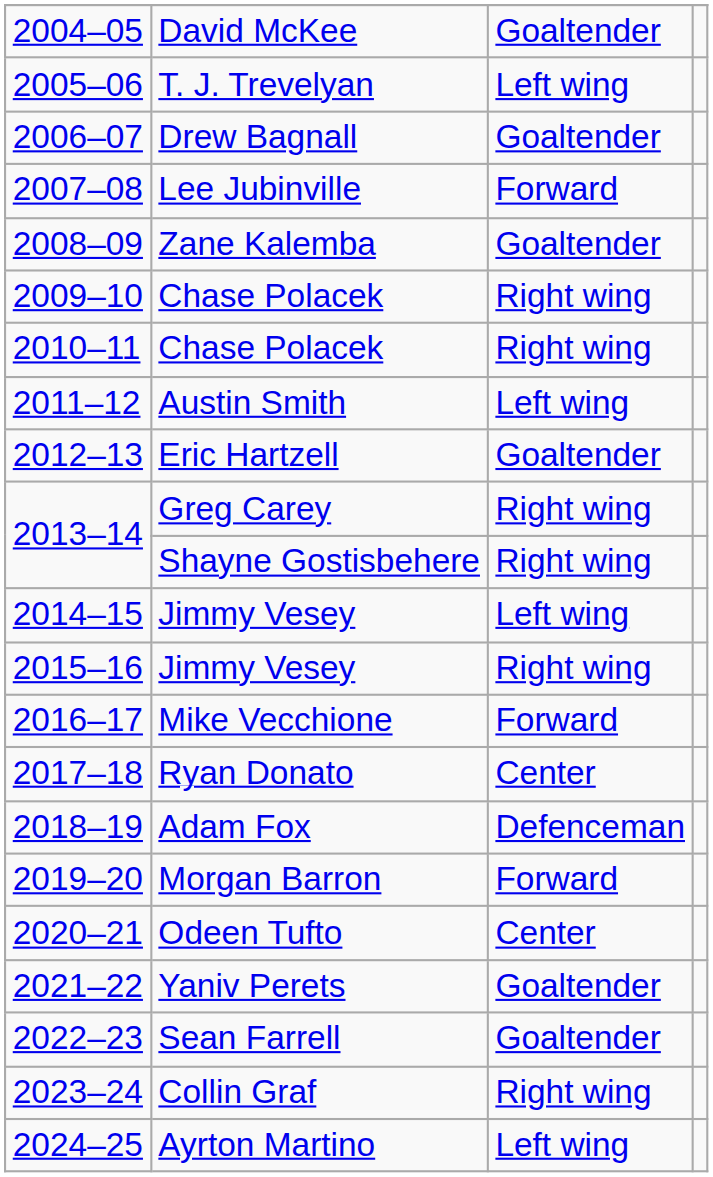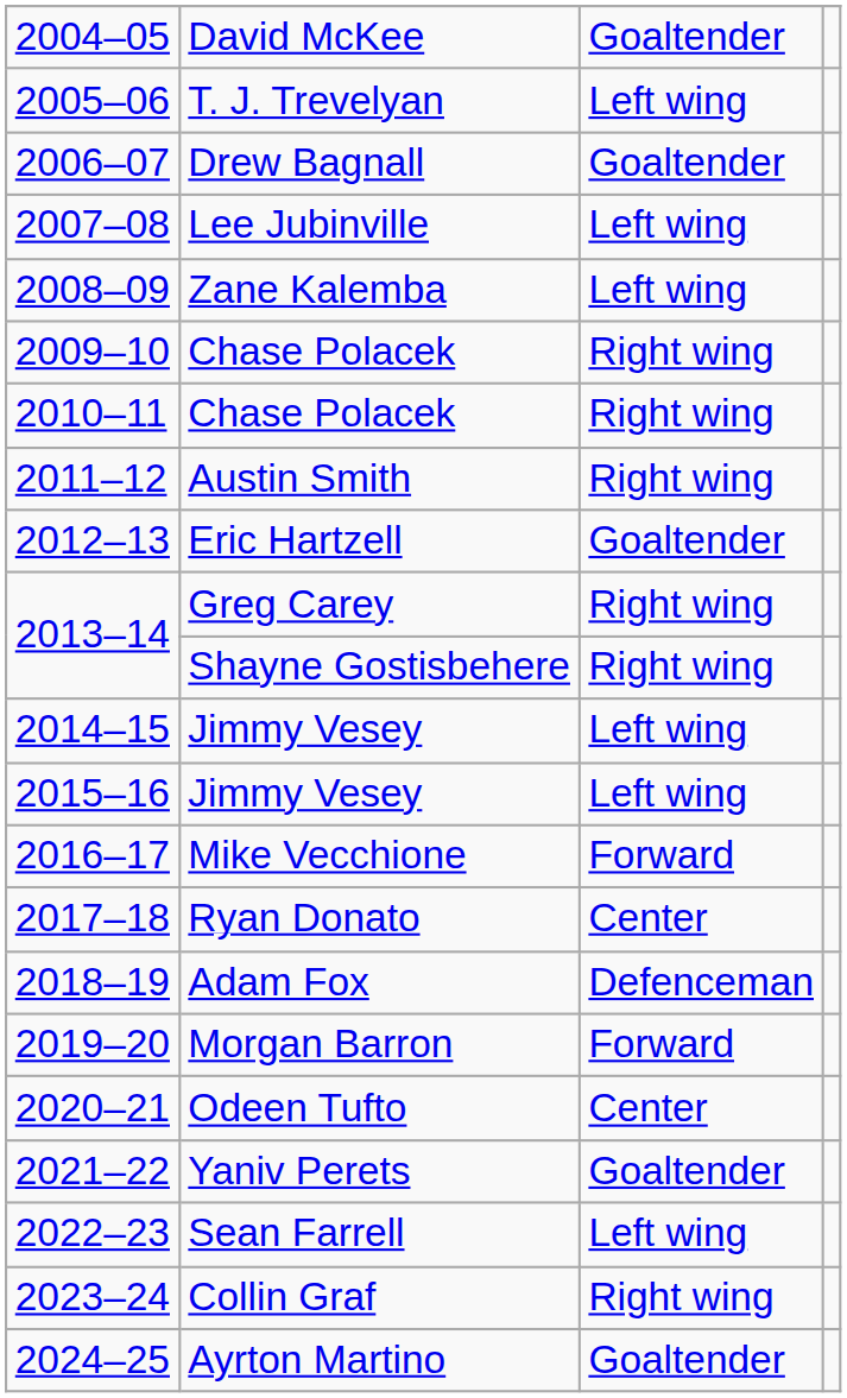 <table class="wikitable sortable">
 <tr>
 </tr>
 <tr>
 <td><a href='#'>2004–05</a></td>
 <td><a href='#'>David McKee</a></td>
 <td><a href='#'>Goaltender</a></td>
 <td><strong><a href='#'></a></strong></td>
 </tr>
 <tr>
 <td><a href='#'>2005–06</a></td>
 <td><a href='#'>T. J. Trevelyan</a></td>
 <td><a href='#'>Left wing</a></td>
 <td><strong><a href='#'></a></strong></td>
 </tr>
 <tr>
 <td><a href='#'>2006–07</a></td>
 <td><a href='#'>Drew Bagnall</a></td>
 <td><a href='#'>Goaltender</a></td>
 <td><strong><a href='#'></a></strong></td>
 </tr>
 <tr>
 <td><a href='#'>2007–08</a></td>
 <td><a href='#'>Lee Jubinville</a></td>
-<td><a href='#'>Forward</a></td>
+<td><a href='#'>Left wing</a></td>
 <td><strong><a href='#'></a></strong></td>
 </tr>
 <tr>
 <td><a href='#'>2008–09</a></td>
 <td><a href='#'>Zane Kalemba</a></td>
-<td><a href='#'>Goaltender</a></td>
+<td><a href='#'>Left wing</a></td>
 <td><strong><a href='#'></a></strong></td>
 </tr>
 <tr>
 <td><a href='#'>2009–10</a></td>
 <td><a href='#'>Chase Polacek</a></td>
 <td><a href='#'>Right wing</a></td>
 <td><strong><a href='#'></a></strong></td>
 </tr>
 <tr>
 <td><a href='#'>2010–11</a></td>
 <td><a href='#'>Chase Polacek</a></td>
 <td><a href='#'>Right wing</a></td>
 <td><strong><a href='#'></a></strong></td>
 </tr>
 <tr>
 <td><a href='#'>2011–12</a></td>
 <td><a href='#'>Austin Smith</a></td>
-<td><a href='#'>Left wing</a></td>
+<td><a href='#'>Right wing</a></td>
 <td><strong><a href='#'></a></strong></td>
 </tr>
 <tr>
 <td><a href='#'>2012–13</a></td>
 <td><a href='#'>Eric Hartzell</a></td>
 <td><a href='#'>Goaltender</a></td>
 <td><strong><a href='#'></a></strong></td>
 </tr>
 <tr>
 <td rowspan=2><a href='#'>2013–14</a></td>
 <td><a href='#'>Greg Carey</a></td>
 <td><a href='#'>Right wing</a></td>
 <td><strong><a href='#'></a></strong></td>
 </tr>
 <tr>
 <td><a href='#'>Shayne Gostisbehere</a></td>
 <td><a href='#'>Right wing</a></td>
 <td><strong><a href='#'></a></strong></td>
 </tr>
 <tr>
 <td><a href='#'>2014–15</a></td>
 <td><a href='#'>Jimmy Vesey</a></td>
 <td><a href='#'>Left wing</a></td>
 <td><strong><a href='#'></a></strong></td>
 </tr>
 <tr>
 <td><a href='#'>2015–16</a></td>
 <td><a href='#'>Jimmy Vesey</a></td>
-<td><a href='#'>Right wing</a></td>
+<td><a href='#'>Left wing</a></td>
 <td><strong><a href='#'></a></strong></td>
 </tr>
 <tr>
 <td><a href='#'>2016–17</a></td>
 <td><a href='#'>Mike Vecchione</a></td>
 <td><a href='#'>Forward</a></td>
 <td><strong><a href='#'></a></strong></td>
 </tr>
 <tr>
 <td><a href='#'>2017–18</a></td>
 <td><a href='#'>Ryan Donato</a></td>
 <td><a href='#'>Center</a></td>
 <td><strong><a href='#'></a></strong></td>
 </tr>
 <tr>
 <td><a href='#'>2018–19</a></td>
 <td><a href='#'>Adam Fox</a></td>
 <td><a href='#'>Defenceman</a></td>
 <td><strong><a href='#'></a></strong></td>
 </tr>
 <tr>
 <td><a href='#'>2019–20</a></td>
 <td><a href='#'>Morgan Barron</a></td>
 <td><a href='#'>Forward</a></td>
 <td><strong><a href='#'></a></strong></td>
 </tr>
 <tr>
 <td><a href='#'>2020–21</a></td>
 <td><a href='#'>Odeen Tufto</a></td>
 <td><a href='#'>Center</a></td>
 <td><strong><a href='#'></a></strong></td>
 </tr>
 <tr>
 <td><a href='#'>2021–22</a></td>
 <td><a href='#'>Yaniv Perets</a></td>
 <td><a href='#'>Goaltender</a></td>
 <td><strong><a href='#'></a></strong></td>
 </tr>
 <tr>
 <td><a href='#'>2022–23</a></td>
 <td><a href='#'>Sean Farrell</a></td>
-<td><a href='#'>Goaltender</a></td>
+<td><a href='#'>Left wing</a></td>
 <td><strong><a href='#'></a></strong></td>
 </tr>
 <tr>
 <td><a href='#'>2023–24</a></td>
 <td><a href='#'>Collin Graf</a></td>
 <td><a href='#'>Right wing</a></td>
 <td><strong><a href='#'></a></strong></td>
 </tr>
 <tr>
 <td><a href='#'>2024–25</a></td>
 <td><a href='#'>Ayrton Martino</a></td>
-<td><a href='#'>Left wing</a></td>
+<td><a href='#'>Goaltender</a></td>
 <td><strong><a href='#'></a></strong></td>
 </tr>
 </table>
